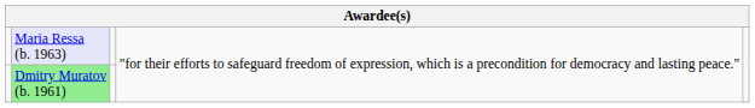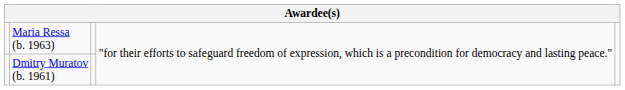 <table class="wikitable">
 <tr>
 <th colspan="5">Awardee(s)</th>
 </tr>
 <tr>
 <td></td>
-<td style="background: lavender;"><a href='#'>Maria Ressa</a><br>(b. 1963)</td>
+<td><a href='#'>Maria Ressa</a><br>(b. 1963)</td>
 <td></td>
 <td rowspan="2">"for their efforts to safeguard freedom of expression, which is a precondition for democracy and lasting peace."</td>
 <td rowspan="2"></td>
 </tr>
 <tr>
 <td></td>
-<td style="background: lightgreen;"><a href='#'>Dmitry Muratov</a><br>(b. 1961)</td>
+<td><a href='#'>Dmitry Muratov</a><br>(b. 1961)</td>
 <td></td>
 </tr>
 </table>
